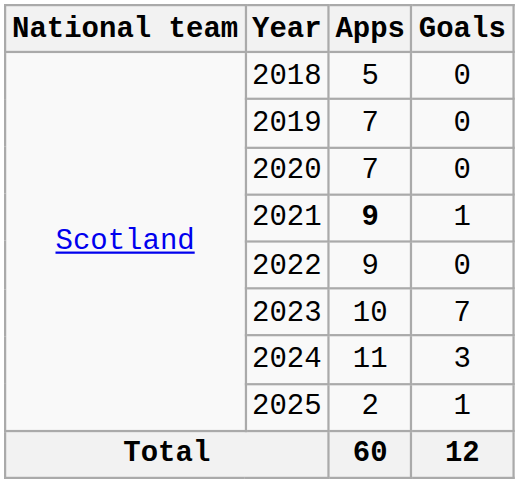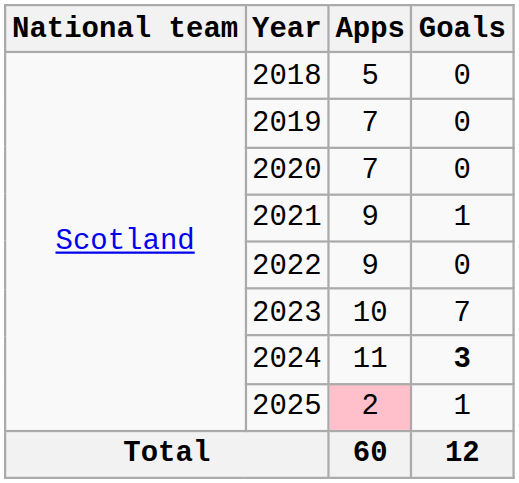 <table class="wikitable" style="text-align: center;">
 <tr>
 <th>National team</th>
 <th>Year</th>
 <th>Apps</th>
 <th>Goals</th>
 </tr>
 <tr>
 <td rowspan="8"><a href='#'>Scotland</a></td>
 <td>2018</td>
 <td>5</td>
 <td>0</td>
 </tr>
 <tr>
 <td>2019</td>
 <td>7</td>
 <td>0</td>
 </tr>
 <tr>
 <td>2020</td>
 <td>7</td>
 <td>0</td>
 </tr>
 <tr>
 <td>2021</td>
-<td><strong>9</strong></td>
+<td>9</td>
 <td>1</td>
 </tr>
 <tr>
 <td>2022</td>
 <td>9</td>
 <td>0</td>
 </tr>
 <tr>
 <td>2023</td>
 <td>10</td>
 <td>7</td>
 </tr>
 <tr>
 <td>2024</td>
 <td>11</td>
-<td>3</td>
+<td><strong>3</strong></td>
 </tr>
 <tr>
 <td>2025</td>
-<td>2</td>
+<td style="background: pink;">2</td>
 <td>1</td>
 </tr>
 <tr>
 <th colspan="2">Total</th>
 <th>60</th>
 <th>12</th>
 </tr>
 </table>
